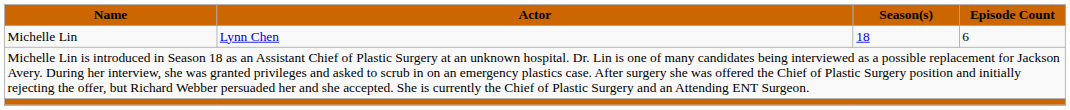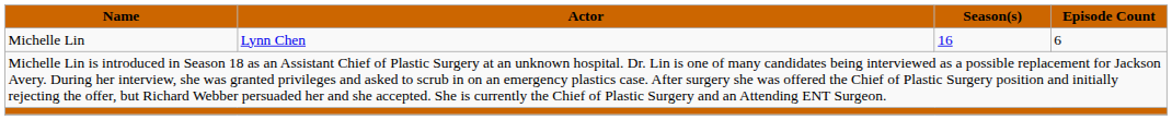 <table class="wikitable" style="width:100%; margin-right:auto;">
 <tr>
 <th style="background-color:#CC6600; width:20%">Name</th>
 <th style="background-color:#CC6600; width:60%">Actor</th>
 <th style="background-color:#CC6600; width:10%">Season(s)</th>
 <th style="background-color:#CC6600; width:10%">Episode Count</th>
 </tr>
 <tr>
 <td>Michelle Lin</td>
 <td><a href='#'>Lynn Chen</a></td>
-<td><a href='#'>18</a></td>
+<td><a href='#'>16</a></td>
 <td>6</td>
 </tr>
 <tr>
 <td colspan="5">Michelle Lin is introduced in Season 18 as an Assistant Chief of Plastic Surgery at an unknown hospital. Dr. Lin is one of many candidates being interviewed as a possible replacement for Jackson Avery. During her interview, she was granted privileges and asked to scrub in on an emergency plastics case. After surgery she was offered the Chief of Plastic Surgery position and initially rejecting the offer, but Richard Webber persuaded her and she accepted. She is currently the Chief of Plastic Surgery and an Attending ENT Surgeon.</td>
 </tr>
 <tr>
 <td colspan="5" bgcolor="#CC6600"></td>
 </tr>
 <tr>
 </tr>
 </table>
